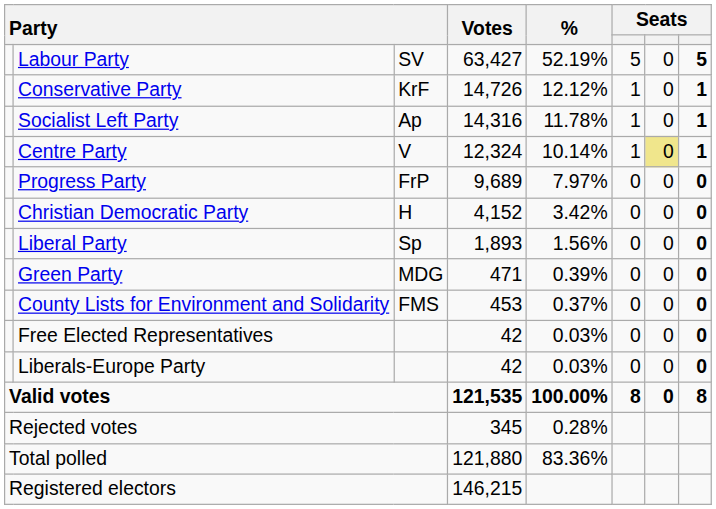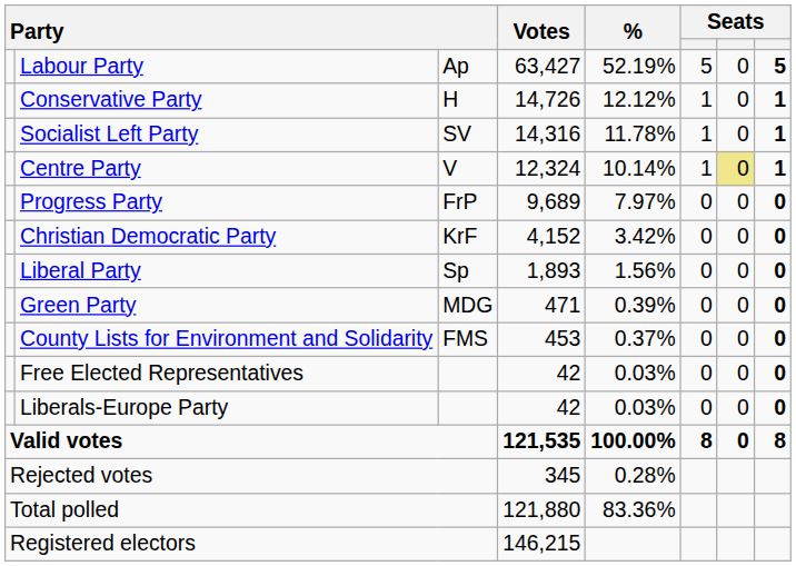 <table class="wikitable" border="1" style="text-align:right;">
 <tr>
 <th style="text-align:left;" valign=bottom rowspan=2 colspan=3>Party</th>
 <th align=center valign=bottom rowspan=2 width="50">Votes</th>
 <th align=center valign=bottom rowspan=2 width="50">%</th>
 <th colspan=3>Seats</th>
 </tr>
 <tr>
 <th align=center valign=bottom width="20"><small></small></th>
 <th align=center valign=bottom width="20"><small><a href='#'></a></small></th>
 <th align=center valign=bottom width="20"><small></small></th>
 </tr>
 <tr>
 <td style="color:inherit;background:"></td>
 <td align=left><a href='#'>Labour Party</a></td>
-<td align=left>SV</td>
+<td align=left>Ap</td>
 <td>63,427</td>
 <td>52.19%</td>
 <td>5</td>
 <td>0</td>
 <td><strong>5</strong></td>
 </tr>
 <tr>
 <td style="color:inherit;background:"></td>
 <td align=left><a href='#'>Conservative Party</a></td>
-<td align=left>KrF</td>
+<td align=left>H</td>
 <td>14,726</td>
 <td>12.12%</td>
 <td>1</td>
 <td>0</td>
 <td><strong>1</strong></td>
 </tr>
 <tr>
 <td style="color:inherit;background:"></td>
 <td align=left><a href='#'>Socialist Left Party</a></td>
-<td align=left>Ap</td>
+<td align=left>SV</td>
 <td>14,316</td>
 <td>11.78%</td>
 <td>1</td>
 <td>0</td>
 <td><strong>1</strong></td>
 </tr>
 <tr>
 <td style="color:inherit;background:"></td>
 <td align=left><a href='#'>Centre Party</a></td>
 <td align=left>V</td>
 <td>12,324</td>
 <td>10.14%</td>
 <td>1</td>
 <td style="background: khaki;">0</td>
 <td><strong>1</strong></td>
 </tr>
 <tr>
 <td style="color:inherit;background:"></td>
 <td align=left><a href='#'>Progress Party</a></td>
 <td align=left>FrP</td>
 <td>9,689</td>
 <td>7.97%</td>
 <td>0</td>
 <td>0</td>
 <td><strong>0</strong></td>
 </tr>
 <tr>
 <td style="color:inherit;background:"></td>
 <td align=left><a href='#'>Christian Democratic Party</a></td>
-<td align=left>H</td>
+<td align=left>KrF</td>
 <td>4,152</td>
 <td>3.42%</td>
 <td>0</td>
 <td>0</td>
 <td><strong>0</strong></td>
 </tr>
 <tr>
 <td style="color:inherit;background:"></td>
 <td align=left><a href='#'>Liberal Party</a></td>
 <td align=left>Sp</td>
 <td>1,893</td>
 <td>1.56%</td>
 <td>0</td>
 <td>0</td>
 <td><strong>0</strong></td>
 </tr>
 <tr>
 <td style="color:inherit;background:"></td>
 <td align=left><a href='#'>Green Party</a></td>
 <td align=left>MDG</td>
 <td>471</td>
 <td>0.39%</td>
 <td>0</td>
 <td>0</td>
 <td><strong>0</strong></td>
 </tr>
 <tr>
 <td></td>
 <td align=left><a href='#'>County Lists for Environment and Solidarity</a></td>
 <td align=left>FMS</td>
 <td>453</td>
 <td>0.37%</td>
 <td>0</td>
 <td>0</td>
 <td><strong>0</strong></td>
 </tr>
 <tr>
 <td></td>
 <td align=left>Free Elected Representatives</td>
 <td align=left></td>
 <td>42</td>
 <td>0.03%</td>
 <td>0</td>
 <td>0</td>
 <td><strong>0</strong></td>
 </tr>
 <tr>
 <td></td>
 <td align=left>Liberals-Europe Party</td>
 <td align=left></td>
 <td>42</td>
 <td>0.03%</td>
 <td>0</td>
 <td>0</td>
 <td><strong>0</strong></td>
 </tr>
 <tr style="font-weight:bold">
 <td align=left colspan=3>Valid votes</td>
 <td>121,535</td>
 <td>100.00%</td>
 <td>8</td>
 <td>0</td>
 <td>8</td>
 </tr>
 <tr>
 <td align=left colspan=3>Rejected votes</td>
 <td>345</td>
 <td>0.28%</td>
 <td></td>
 <td></td>
 <td></td>
 </tr>
 <tr>
 <td align=left colspan=3>Total polled</td>
 <td>121,880</td>
 <td>83.36%</td>
 <td></td>
 <td></td>
 <td></td>
 </tr>
 <tr>
 <td align=left colspan=3>Registered electors</td>
 <td>146,215</td>
 <td></td>
 <td></td>
 <td></td>
 <td></td>
 </tr>
 </table>
